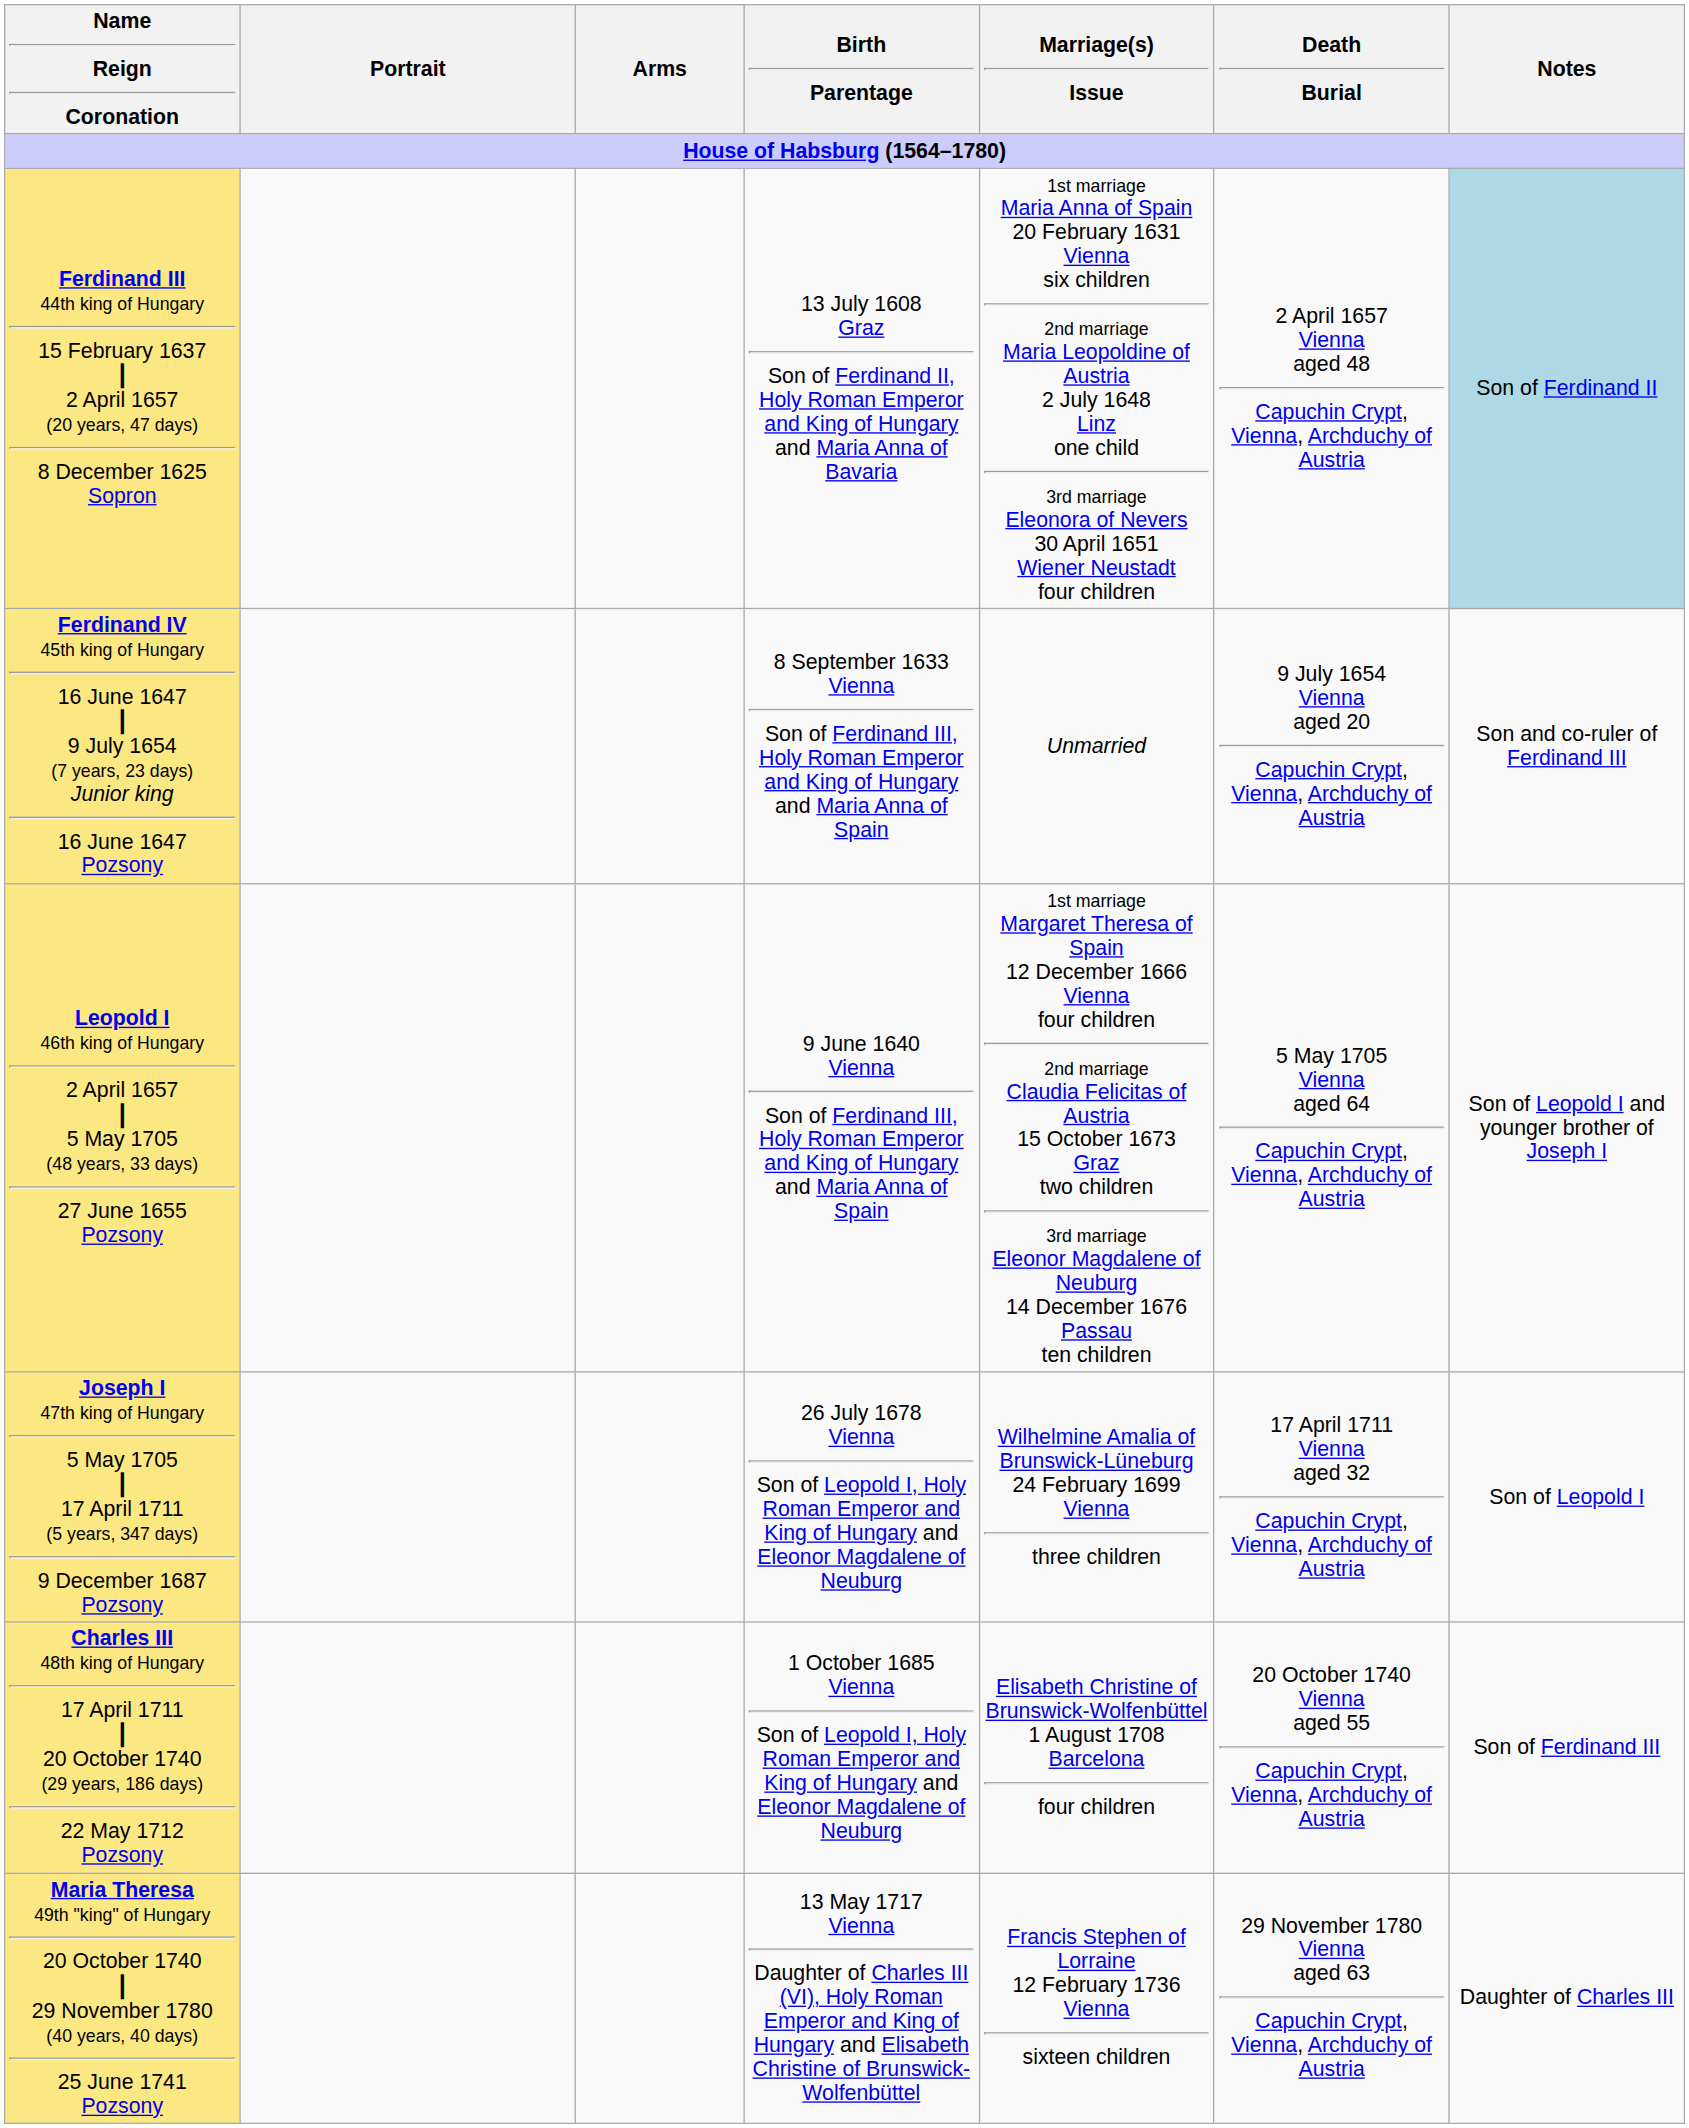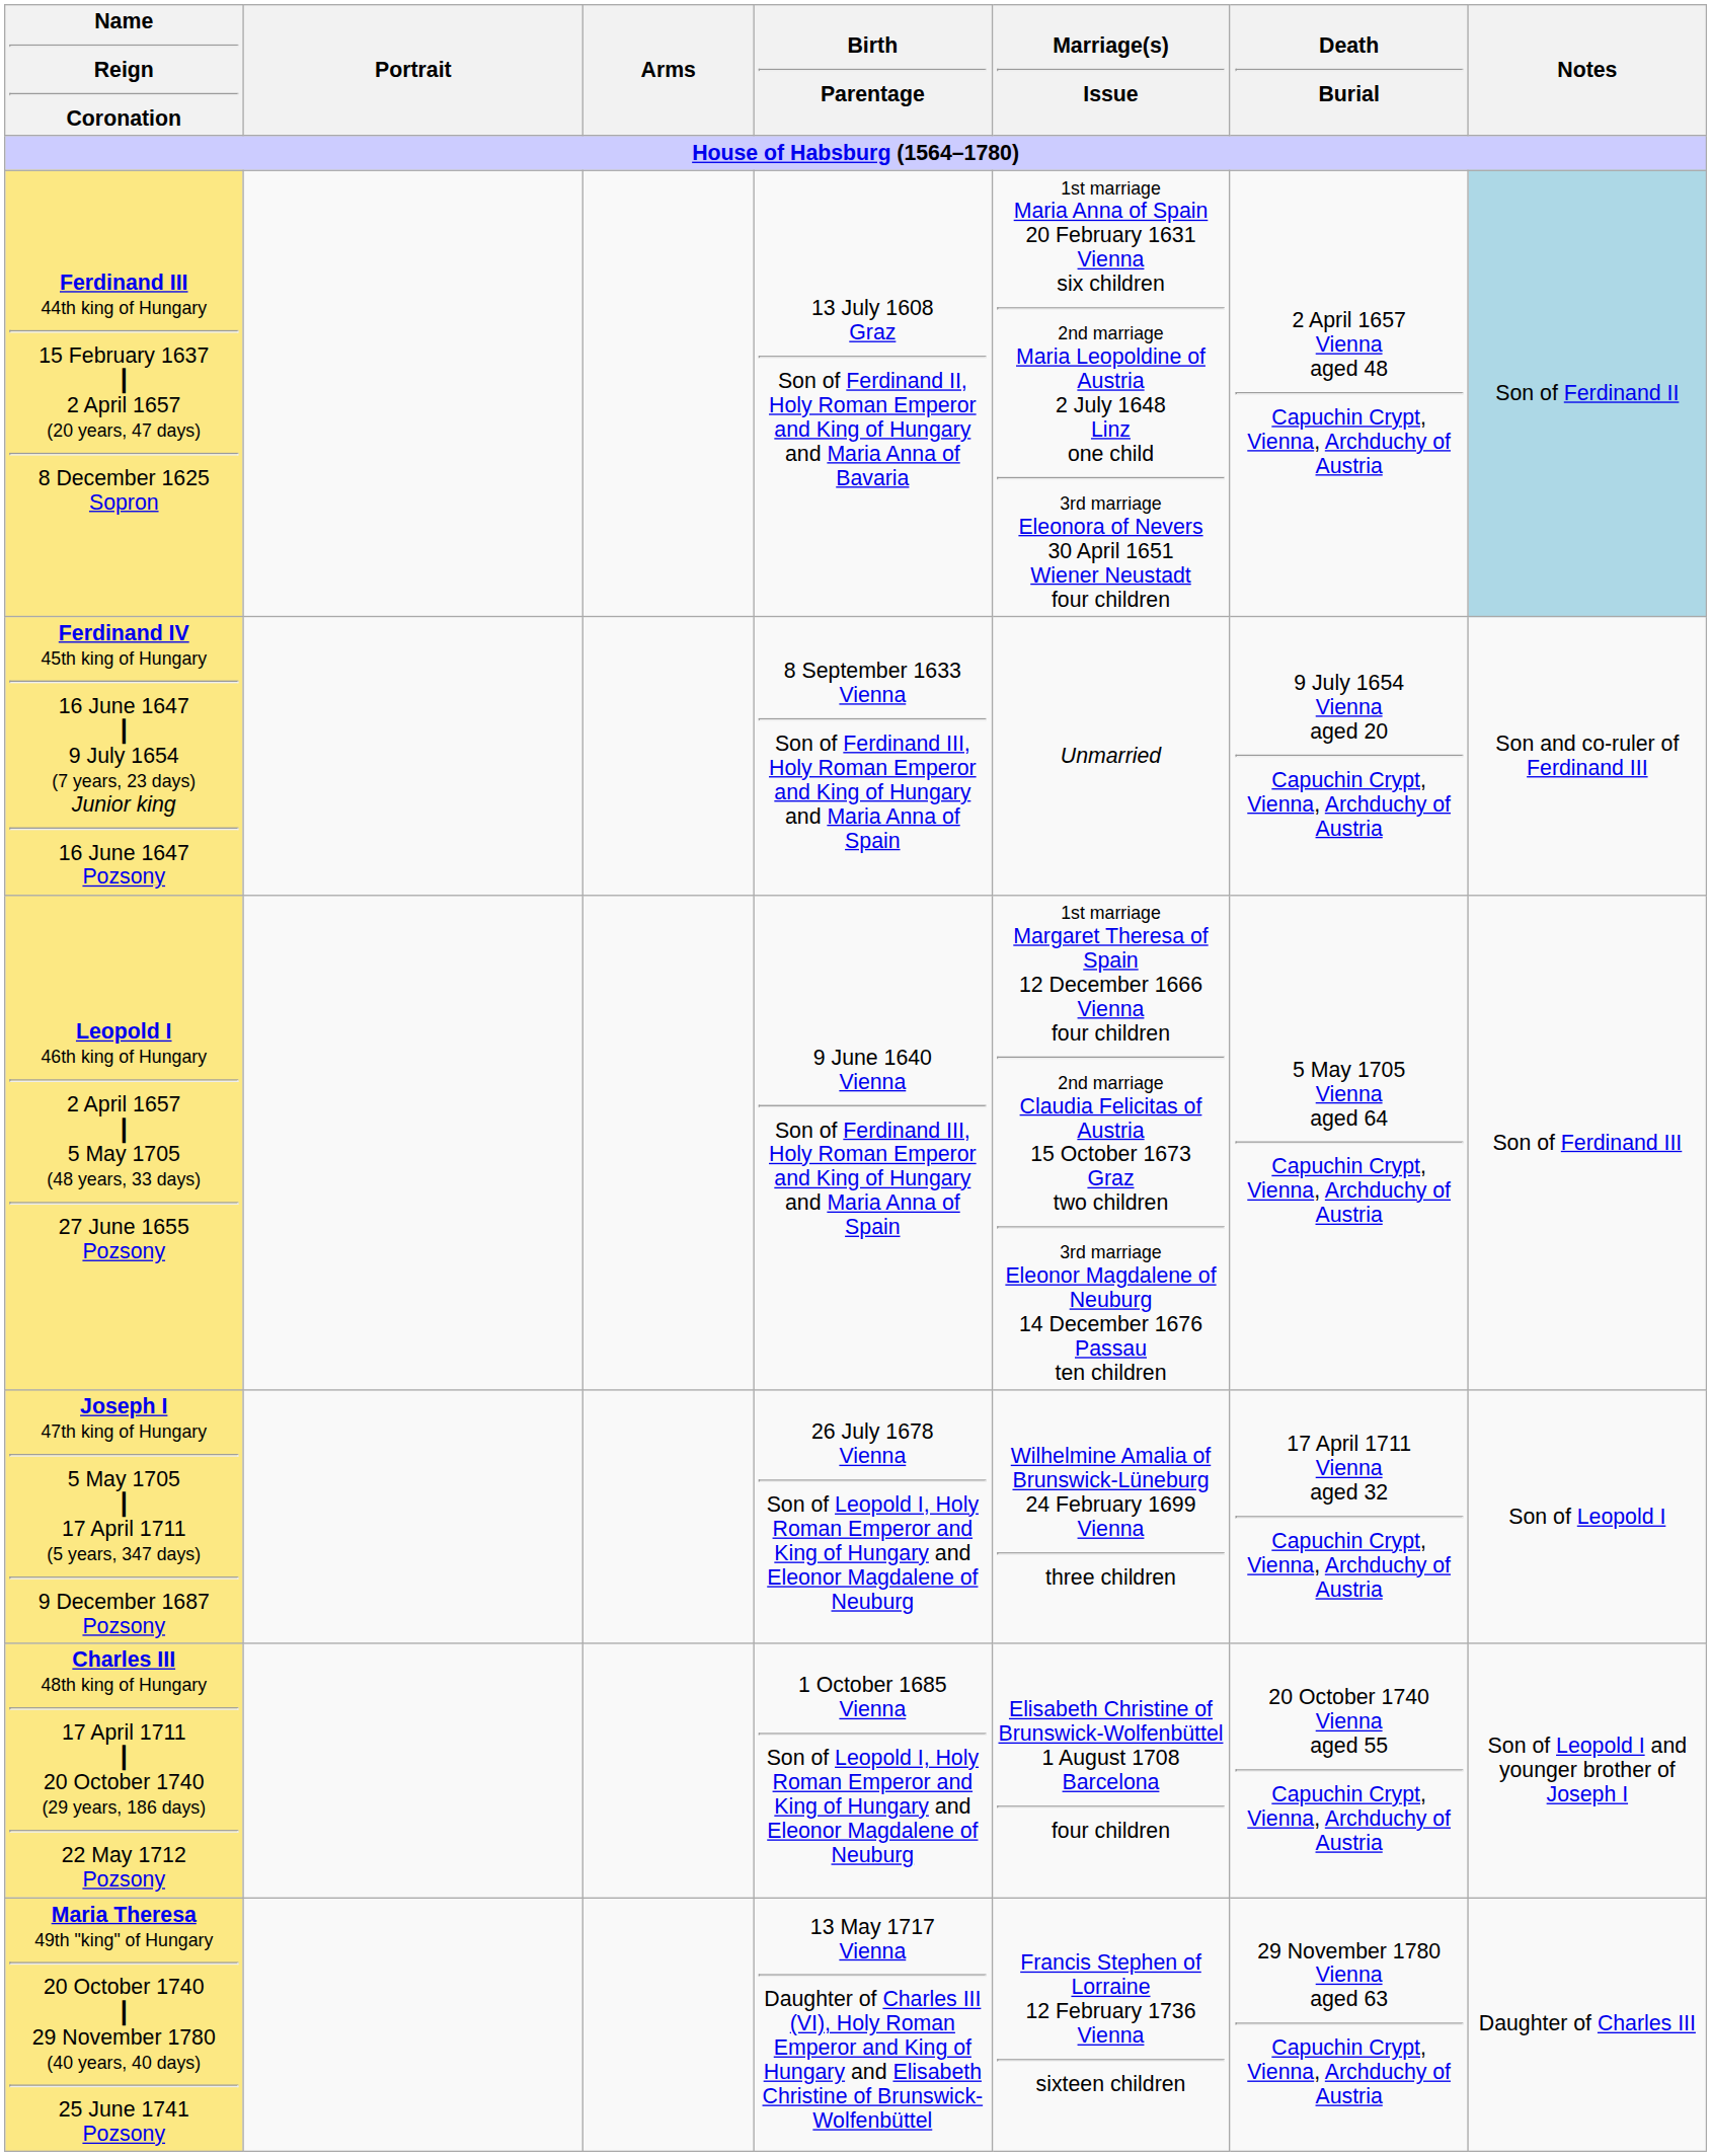 <table style="text-align:Center; width:100%" class="wikitable">
 <tr>
 <th width="14%">Name<hr>Reign<hr>Coronation</th>
 <th width="20%">Portrait</th>
 <th width="10%">Arms</th>
 <th width="14%">Birth<hr>Parentage</th>
 <th width="14%">Marriage(s)<hr>Issue</th>
 <th width="14%">Death<hr>Burial</th>
 <th width="14%">Notes</th>
 </tr>
 <tr>
 <th colspan="7" style="background:#ccccff"><a href='#'>House of Habsburg</a> (1564–1780)</th>
 </tr>
 <tr>
 <td style="background:#FCE883"><strong><a href='#'>Ferdinand III</a></strong><br><small>44th king of Hungary</small><hr>15 February 1637<br>┃<br>2 April 1657<br><small>(20 years, 47 days)</small><hr>8 December 1625<br><a href='#'>Sopron</a></td>
 <td></td>
 <td></td>
 <td>13 July 1608<br><a href='#'>Graz</a><hr>Son of <a href='#'>Ferdinand II, Holy Roman Emperor and King of Hungary</a> and <a href='#'>Maria Anna of Bavaria</a></td>
 <td><small>1st marriage</small><br><a href='#'>Maria Anna of Spain</a><br>20 February 1631<br><a href='#'>Vienna</a><br>six children<hr><small>2nd marriage</small><br><a href='#'>Maria Leopoldine of Austria</a><br>2 July 1648<br><a href='#'>Linz</a><br>one child<hr><small>3rd marriage</small><br><a href='#'>Eleonora of Nevers</a><br>30 April 1651<br><a href='#'>Wiener Neustadt</a><br>four children</td>
 <td>2 April 1657<br><a href='#'>Vienna</a><br>aged 48<hr><a href='#'>Capuchin Crypt</a>, <a href='#'>Vienna</a>, <a href='#'>Archduchy of Austria</a></td>
 <td style="background: lightblue;">Son of <a href='#'>Ferdinand II</a></td>
 </tr>
 <tr>
 <td style="background:#FCE883"><a href='#'><strong>Ferdinand IV</strong></a><br><small>45th king of Hungary</small><hr>16 June 1647<br>┃<br>9 July 1654<br><small>(7 years, 23 days)</small><br><em>Junior king</em><br><hr>16 June 1647<br><a href='#'>Pozsony</a></td>
 <td></td>
 <td></td>
 <td>8 September 1633<br><a href='#'>Vienna</a><hr>Son of <a href='#'>Ferdinand III, Holy Roman Emperor and King of Hungary</a> and <a href='#'>Maria Anna of Spain</a></td>
 <td><em>Unmarried</em></td>
 <td>9 July 1654<br><a href='#'>Vienna</a><br>aged 20<hr><a href='#'>Capuchin Crypt</a>, <a href='#'>Vienna</a>, <a href='#'>Archduchy of Austria</a></td>
 <td>Son and co-ruler of <a href='#'>Ferdinand III</a></td>
 </tr>
 <tr>
 <td style="background:#FCE883"><strong><a href='#'>Leopold I</a></strong><br><small>46th king of Hungary</small><hr>2 April 1657<br>┃<br>5 May 1705<br><small>(48 years, 33 days)</small><br><hr>27 June 1655<br><a href='#'>Pozsony</a></td>
 <td></td>
 <td></td>
 <td>9 June 1640<br><a href='#'>Vienna</a><hr>Son of <a href='#'>Ferdinand III, Holy Roman Emperor and King of Hungary</a> and <a href='#'>Maria Anna of Spain</a></td>
 <td><small>1st marriage</small><br><a href='#'>Margaret Theresa of Spain</a><br>12 December 1666<br><a href='#'>Vienna</a><br>four children<hr><small>2nd marriage</small><br><a href='#'>Claudia Felicitas of Austria</a><br>15 October 1673<br><a href='#'>Graz</a><br>two children<hr><small>3rd marriage</small><br><a href='#'>Eleonor Magdalene of Neuburg</a><br>14 December 1676<br><a href='#'>Passau</a><br>ten children</td>
 <td>5 May 1705<br><a href='#'>Vienna</a><br>aged 64<hr><a href='#'>Capuchin Crypt</a>, <a href='#'>Vienna</a>, <a href='#'>Archduchy of Austria</a></td>
-<td>Son of <a href='#'>Leopold I</a> and younger brother of <a href='#'>Joseph I</a></td>
+<td>Son of <a href='#'>Ferdinand III</a></td>
 </tr>
 <tr>
 <td style="background:#FCE883"><strong><a href='#'>Joseph I</a></strong><br><small>47th king of Hungary</small><hr>5 May 1705<br>┃<br>17 April 1711<br><small>(5 years, 347 days)</small><hr>9 December 1687<br><a href='#'>Pozsony</a></td>
 <td></td>
 <td></td>
 <td>26 July 1678<br><a href='#'>Vienna</a><hr>Son of <a href='#'>Leopold I, Holy Roman Emperor and King of Hungary</a> and <a href='#'>Eleonor Magdalene of Neuburg</a></td>
 <td><a href='#'>Wilhelmine Amalia of<br>Brunswick-Lüneburg</a><br>24 February 1699<br><a href='#'>Vienna</a><hr>three children</td>
 <td>17 April 1711<br><a href='#'>Vienna</a><br>aged 32<hr><a href='#'>Capuchin Crypt</a>, <a href='#'>Vienna</a>, <a href='#'>Archduchy of Austria</a></td>
 <td>Son of <a href='#'>Leopold I</a></td>
 </tr>
 <tr>
 <td style="background:#FCE883"><strong><a href='#'>Charles III</a></strong><br><small>48th king of Hungary</small><hr>17 April 1711<br>┃<br>20 October 1740<br><small>(29 years, 186 days)</small><hr>22 May 1712<br><a href='#'>Pozsony</a></td>
 <td></td>
 <td></td>
 <td>1 October 1685<br><a href='#'>Vienna</a><hr>Son of <a href='#'>Leopold I, Holy Roman Emperor and King of Hungary</a> and <a href='#'>Eleonor Magdalene of Neuburg</a></td>
 <td><a href='#'>Elisabeth Christine of<br>Brunswick-Wolfenbüttel</a><br>1 August 1708<br><a href='#'>Barcelona</a><hr>four children</td>
 <td>20 October 1740<br><a href='#'>Vienna</a><br>aged 55<hr><a href='#'>Capuchin Crypt</a>, <a href='#'>Vienna</a>, <a href='#'>Archduchy of Austria</a></td>
-<td>Son of <a href='#'>Ferdinand III</a></td>
+<td>Son of <a href='#'>Leopold I</a> and younger brother of <a href='#'>Joseph I</a></td>
 </tr>
 <tr>
 <td style="background:#FCE883"><strong><a href='#'>Maria Theresa</a></strong><br><small>49th "king" of Hungary</small><hr>20 October 1740<br>┃<br>29 November 1780<br><small>(40 years, 40 days)</small><hr>25 June 1741<br><a href='#'>Pozsony</a></td>
 <td></td>
 <td></td>
 <td>13 May 1717<br><a href='#'>Vienna</a><hr>Daughter of <a href='#'>Charles III (VI), Holy Roman Emperor and King of Hungary</a> and <a href='#'>Elisabeth Christine of Brunswick-Wolfenbüttel</a></td>
 <td><a href='#'>Francis Stephen of Lorraine</a><br>12 February 1736<br><a href='#'>Vienna</a><hr>sixteen children</td>
 <td>29 November 1780<br><a href='#'>Vienna</a><br>aged 63<hr><a href='#'>Capuchin Crypt</a>, <a href='#'>Vienna</a>, <a href='#'>Archduchy of Austria</a></td>
 <td>Daughter of <a href='#'>Charles III</a></td>
 </tr>
 </table>
